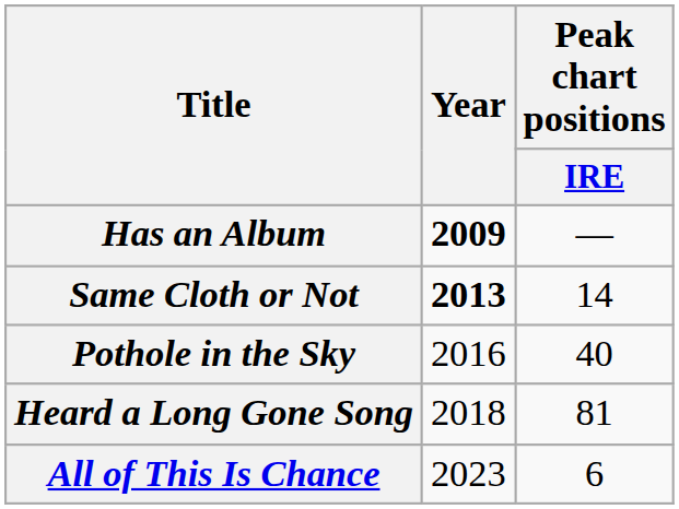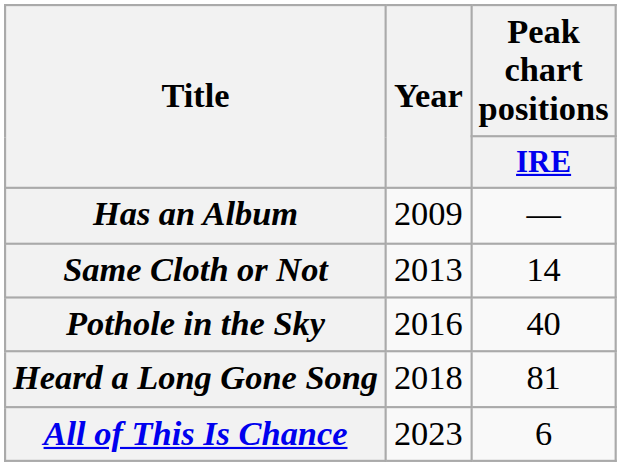 <table class="wikitable plainrowheaders" style="text-align:center">
 <tr>
 <th scope="col" rowspan="2">Title</th>
 <th scope="col" rowspan="2">Year</th>
 <th scope="col" colspan="1">Peak chart positions</th>
 </tr>
 <tr>
 <th scope="col" style="width:3em; font-size:90%"><a href='#'>IRE</a><br></th>
 </tr>
 <tr>
 <th scope="row"><em>Has an Album</em></th>
-<td><strong>2009</strong></td>
+<td>2009</td>
 <td>—</td>
 </tr>
 <tr>
 <th scope="row"><em>Same Cloth or Not</em></th>
-<td><strong>2013</strong></td>
+<td>2013</td>
 <td>14</td>
 </tr>
 <tr>
 <th scope="row"><em>Pothole in the Sky</em></th>
 <td>2016</td>
 <td>40</td>
 </tr>
 <tr>
 <th scope="row"><em>Heard a Long Gone Song</em></th>
 <td>2018</td>
 <td>81</td>
 </tr>
 <tr>
 <th scope="row"><em><a href='#'>All of This Is Chance</a></em></th>
 <td>2023</td>
 <td>6</td>
 </tr>
 </table>
